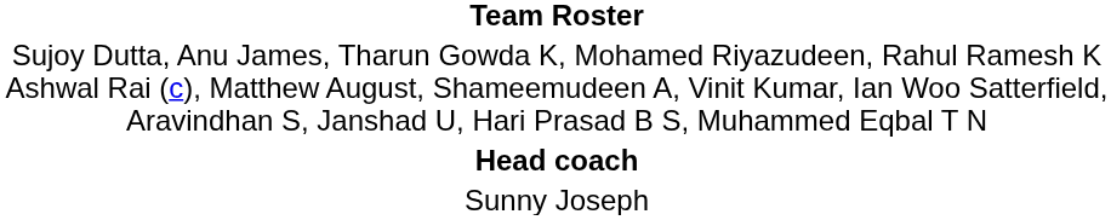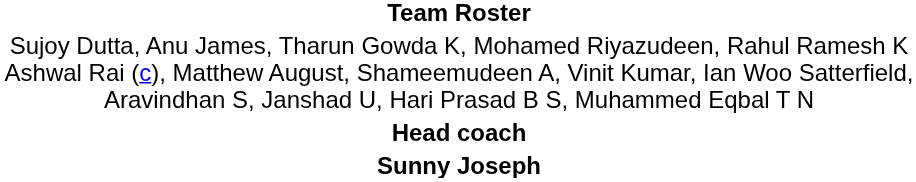 <table style="text-align: center; margin-top: 2em; margin-left: auto; margin-right: auto">
 <tr>
 <td><strong>Team Roster</strong></td>
 </tr>
 <tr>
 <td>Sujoy Dutta, Anu James, Tharun Gowda K, Mohamed Riyazudeen, Rahul Ramesh K Ashwal Rai (<a href='#'>c</a>), Matthew August, Shameemudeen A, Vinit Kumar, Ian Woo Satterfield, Aravindhan S, Janshad U, Hari Prasad B S, Muhammed Eqbal T N</td>
 </tr>
 <tr>
 <td><strong>Head coach</strong></td>
 </tr>
 <tr>
-<td>Sunny Joseph</td>
+<td><strong>Sunny Joseph</strong></td>
 </tr>
 </table>
